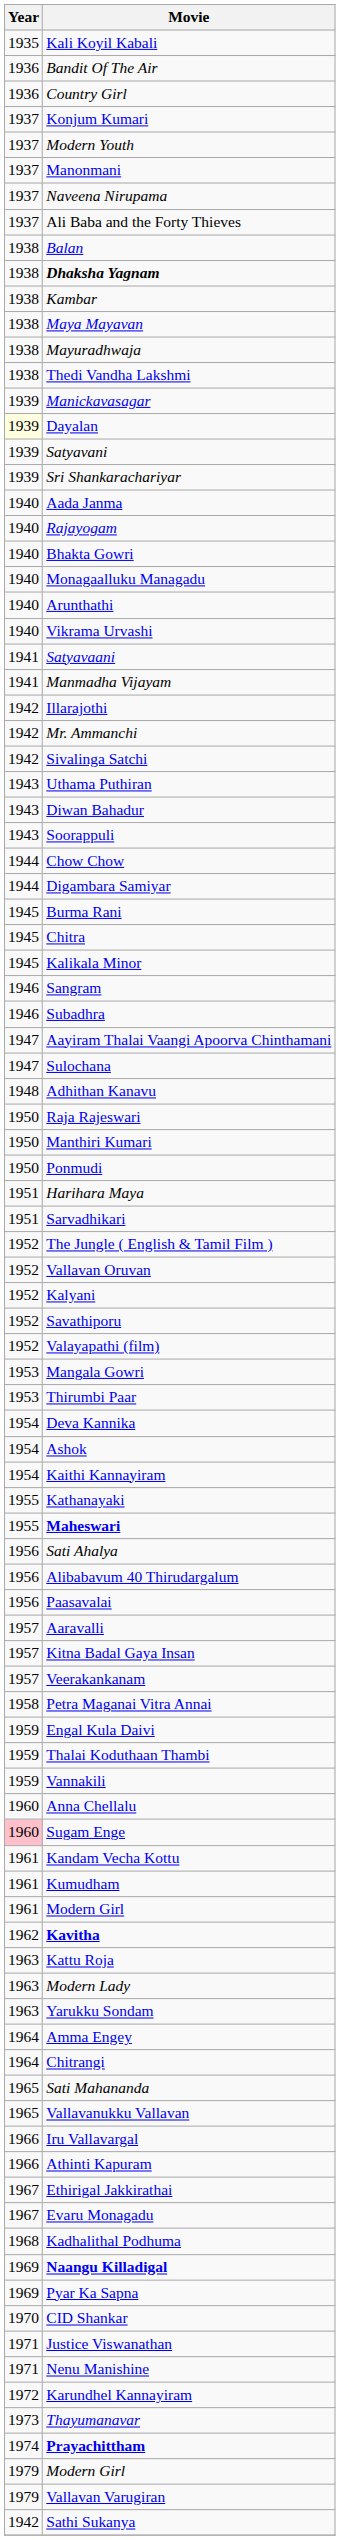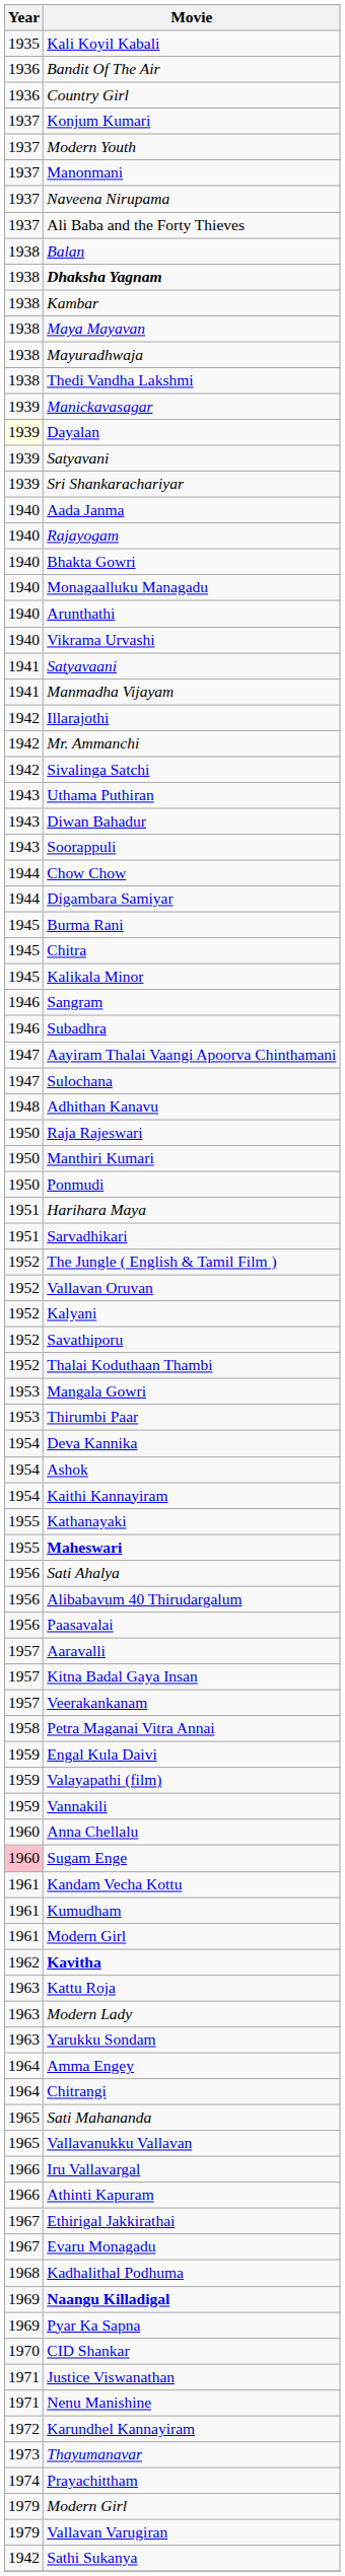 <table class="wikitable sortable" style="font-size: 95%;">
 <tr>
 <th>Year</th>
 <th>Movie</th>
 </tr>
 <tr --->
 <td>1935</td>
 <td><a href='#'>Kali Koyil Kabali</a></td>
 </tr>
 <tr --->
 <td>1936</td>
 <td><em>Bandit Of The Air</em></td>
 </tr>
 <tr --->
 <td>1936</td>
 <td><em>Country Girl</em></td>
 </tr>
 <tr --->
 <td>1937</td>
 <td><a href='#'>Konjum Kumari</a></td>
 </tr>
 <tr --->
 <td>1937</td>
 <td><em>Modern Youth</em></td>
 </tr>
 <tr --->
 <td>1937</td>
 <td><a href='#'>Manonmani</a></td>
 </tr>
 <tr --->
 <td>1937</td>
 <td><em>Naveena Nirupama</em></td>
 </tr>
 <tr --->
 <td>1937</td>
 <td>Ali Baba and the Forty Thieves</td>
 </tr>
 <tr --->
 <td>1938</td>
 <td><em><a href='#'>Balan</a></em></td>
 </tr>
 <tr --->
 <td>1938</td>
 <td><strong><em>Dhaksha Yagnam</em></strong></td>
 </tr>
 <tr --->
 <td>1938</td>
 <td><em>Kambar</em></td>
 </tr>
 <tr --->
 <td>1938</td>
 <td><em><a href='#'>Maya Mayavan</a></em></td>
 </tr>
 <tr --->
 <td>1938</td>
 <td><em>Mayuradhwaja</em></td>
 </tr>
 <tr --->
 <td>1938</td>
 <td><a href='#'>Thedi Vandha Lakshmi</a></td>
 </tr>
 <tr --->
 <td>1939</td>
 <td><em><a href='#'>Manickavasagar</a></em></td>
 </tr>
 <tr --->
 <td style="background: lightyellow;">1939</td>
 <td><a href='#'>Dayalan</a></td>
 </tr>
 <tr --->
 <td>1939</td>
 <td><em>Satyavani</em></td>
 </tr>
 <tr --->
 <td>1939</td>
 <td><em>Sri Shankarachariyar</em></td>
 </tr>
 <tr --->
 <td>1940</td>
 <td><a href='#'>Aada Janma</a></td>
 </tr>
 <tr --->
 <td>1940</td>
 <td><em><a href='#'>Rajayogam</a></em></td>
 </tr>
 <tr --->
 <td>1940</td>
 <td><a href='#'>Bhakta Gowri</a></td>
 </tr>
 <tr --->
 <td>1940</td>
 <td><a href='#'>Monagaalluku Managadu</a></td>
 </tr>
 <tr --->
 <td>1940</td>
 <td><a href='#'>Arunthathi</a></td>
 </tr>
 <tr --->
 <td>1940</td>
 <td><a href='#'>Vikrama Urvashi</a></td>
 </tr>
 <tr --->
 <td>1941</td>
 <td><em><a href='#'>Satyavaani</a></em></td>
 </tr>
 <tr --->
 <td>1941</td>
 <td><em>Manmadha Vijayam</em></td>
 </tr>
 <tr --->
 <td>1942</td>
 <td><a href='#'>Illarajothi</a></td>
 </tr>
 <tr --->
 <td>1942</td>
 <td><em>Mr. Ammanchi</em></td>
 </tr>
 <tr --->
 <td>1942</td>
 <td><a href='#'>Sivalinga Satchi</a></td>
 </tr>
 <tr --->
 <td>1943</td>
 <td><a href='#'>Uthama Puthiran</a></td>
 </tr>
 <tr --->
 <td>1943</td>
 <td><a href='#'>Diwan Bahadur</a></td>
 </tr>
 <tr --->
 <td>1943</td>
 <td><a href='#'>Soorappuli</a></td>
 </tr>
 <tr --->
 <td>1944</td>
 <td><a href='#'>Chow Chow</a></td>
 </tr>
 <tr --->
 <td>1944</td>
 <td><a href='#'>Digambara Samiyar</a></td>
 </tr>
 <tr --->
 <td>1945</td>
 <td><a href='#'>Burma Rani</a></td>
 </tr>
 <tr --->
 <td>1945</td>
 <td><a href='#'>Chitra</a></td>
 </tr>
 <tr --->
 <td>1945</td>
 <td><a href='#'>Kalikala Minor</a></td>
 </tr>
 <tr --->
 <td>1946</td>
 <td><a href='#'>Sangram</a></td>
 </tr>
 <tr --->
 <td>1946</td>
 <td><a href='#'>Subadhra</a></td>
 </tr>
 <tr --->
 <td>1947</td>
 <td><a href='#'>Aayiram Thalai Vaangi Apoorva Chinthamani</a></td>
 </tr>
 <tr --->
 <td>1947</td>
 <td><a href='#'>Sulochana</a></td>
 </tr>
 <tr --->
 <td>1948</td>
 <td><a href='#'>Adhithan Kanavu</a></td>
 </tr>
 <tr --->
 <td>1950</td>
 <td><a href='#'>Raja Rajeswari</a></td>
 </tr>
 <tr --->
 <td>1950</td>
 <td><a href='#'>Manthiri Kumari</a></td>
 </tr>
 <tr --->
 <td>1950</td>
 <td><a href='#'>Ponmudi</a></td>
 </tr>
 <tr --->
 <td>1951</td>
 <td><em>Harihara Maya</em></td>
 </tr>
 <tr --->
 <td>1951</td>
 <td><a href='#'>Sarvadhikari</a></td>
 </tr>
 <tr>
 <td>1952</td>
 <td><a href='#'>The Jungle ( English & Tamil Film )</a></td>
 </tr>
 <tr --->
 <td>1952</td>
 <td><a href='#'>Vallavan Oruvan</a></td>
 </tr>
 <tr --->
 <td>1952</td>
 <td><a href='#'>Kalyani</a></td>
 </tr>
 <tr --->
 <td>1952</td>
 <td><a href='#'>Savathiporu</a></td>
 </tr>
 <tr --->
 <td>1952</td>
-<td><a href='#'>Valayapathi (film)</a></td>
+<td><a href='#'>Thalai Koduthaan Thambi</a></td>
 </tr>
 <tr --->
 <td>1953</td>
 <td><a href='#'>Mangala Gowri</a></td>
 </tr>
 <tr --->
 <td>1953</td>
 <td><a href='#'>Thirumbi Paar</a></td>
 </tr>
 <tr --->
 <td>1954</td>
 <td><a href='#'>Deva Kannika</a></td>
 </tr>
 <tr --->
 <td>1954</td>
 <td><a href='#'>Ashok</a></td>
 </tr>
 <tr --->
 <td>1954</td>
 <td><a href='#'>Kaithi Kannayiram</a></td>
 </tr>
 <tr --->
 <td>1955</td>
 <td><a href='#'>Kathanayaki</a></td>
 </tr>
 <tr --->
 <td>1955</td>
 <td><strong><a href='#'>Maheswari</a></strong></td>
 </tr>
 <tr --->
 <td>1956</td>
 <td><em>Sati Ahalya</em></td>
 </tr>
 <tr --->
 <td>1956</td>
 <td><a href='#'>Alibabavum 40 Thirudargalum</a></td>
 </tr>
 <tr --->
 <td>1956</td>
 <td><a href='#'>Paasavalai</a></td>
 </tr>
 <tr --->
 <td>1957</td>
 <td><a href='#'>Aaravalli</a></td>
 </tr>
 <tr --->
 <td>1957</td>
 <td><a href='#'>Kitna Badal Gaya Insan</a></td>
 </tr>
 <tr --->
 <td>1957</td>
 <td><a href='#'>Veerakankanam</a></td>
 </tr>
 <tr --->
 <td>1958</td>
 <td><a href='#'>Petra Maganai Vitra Annai</a></td>
 </tr>
 <tr --->
 <td>1959</td>
 <td><a href='#'>Engal Kula Daivi</a></td>
 </tr>
 <tr --->
 <td>1959</td>
-<td><a href='#'>Thalai Koduthaan Thambi</a></td>
+<td><a href='#'>Valayapathi (film)</a></td>
 </tr>
 <tr --->
 <td>1959</td>
 <td><a href='#'>Vannakili</a></td>
 </tr>
 <tr --->
 <td>1960</td>
 <td><a href='#'>Anna Chellalu</a></td>
 </tr>
 <tr --->
 <td style="background: pink;">1960</td>
 <td><a href='#'>Sugam Enge</a></td>
 </tr>
 <tr --->
 <td>1961</td>
 <td><a href='#'>Kandam Vecha Kottu</a></td>
 </tr>
 <tr --->
 <td>1961</td>
 <td><a href='#'>Kumudham</a></td>
 </tr>
 <tr --->
 <td>1961</td>
 <td><a href='#'>Modern Girl</a></td>
 </tr>
 <tr --->
 <td>1962</td>
 <td><strong><a href='#'>Kavitha</a></strong></td>
 </tr>
 <tr --->
 <td>1963</td>
 <td><a href='#'>Kattu Roja</a></td>
 </tr>
 <tr --->
 <td>1963</td>
 <td><em>Modern Lady</em></td>
 </tr>
 <tr --->
 <td>1963</td>
 <td><a href='#'>Yarukku Sondam</a></td>
 </tr>
 <tr --->
 <td>1964</td>
 <td><a href='#'>Amma Engey</a></td>
 </tr>
 <tr --->
 <td>1964</td>
 <td><a href='#'>Chitrangi</a></td>
 </tr>
 <tr --->
 <td>1965</td>
 <td><em>Sati Mahananda</em></td>
 </tr>
 <tr --->
 <td>1965</td>
 <td><a href='#'>Vallavanukku Vallavan</a></td>
 </tr>
 <tr --->
 <td>1966</td>
 <td><a href='#'>Iru Vallavargal</a></td>
 </tr>
 <tr --->
 <td>1966</td>
 <td><a href='#'>Athinti Kapuram</a></td>
 </tr>
 <tr --->
 <td>1967</td>
 <td><a href='#'>Ethirigal Jakkirathai</a></td>
 </tr>
 <tr --->
 <td>1967</td>
 <td><a href='#'>Evaru Monagadu</a></td>
 </tr>
 <tr --->
 <td>1968</td>
 <td><a href='#'>Kadhalithal Podhuma</a></td>
 </tr>
 <tr --->
 <td>1969</td>
 <td><strong><a href='#'>Naangu Killadigal</a></strong></td>
 </tr>
 <tr --->
 <td>1969</td>
 <td><a href='#'>Pyar Ka Sapna</a></td>
 </tr>
 <tr --->
 <td>1970</td>
 <td><a href='#'>CID Shankar</a></td>
 </tr>
 <tr --->
 <td>1971</td>
 <td><a href='#'>Justice Viswanathan</a></td>
 </tr>
 <tr --->
 <td>1971</td>
 <td><a href='#'>Nenu Manishine</a></td>
 </tr>
 <tr --->
 <td>1972</td>
 <td><a href='#'>Karundhel Kannayiram</a></td>
 </tr>
 <tr --->
 <td>1973</td>
 <td><em><a href='#'>Thayumanavar</a></em></td>
 </tr>
 <tr --->
 <td>1974</td>
-<td><strong><a href='#'>Prayachittham</a></strong></td>
+<td><a href='#'>Prayachittham</a></td>
 </tr>
 <tr --->
 <td>1979</td>
 <td><em>Modern Girl</em></td>
 </tr>
 <tr --->
 <td>1979</td>
 <td><a href='#'>Vallavan Varugiran</a></td>
 </tr>
 <tr --->
 <td>1942</td>
 <td><a href='#'>Sathi Sukanya</a></td>
 </tr>
 <tr --->
 </tr>
 </table>
